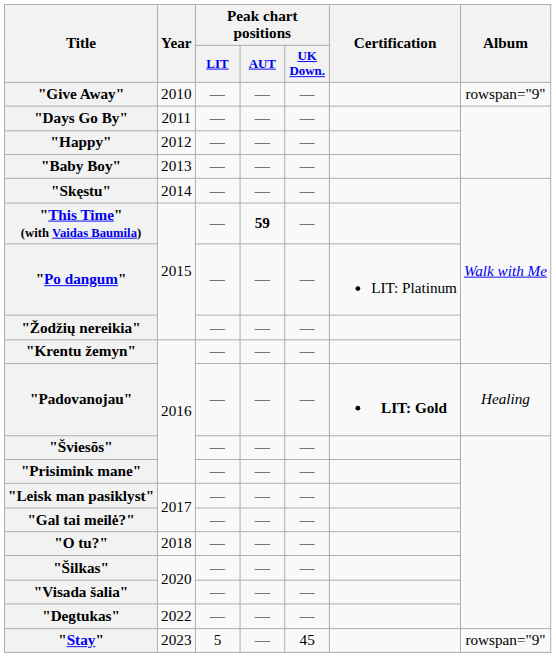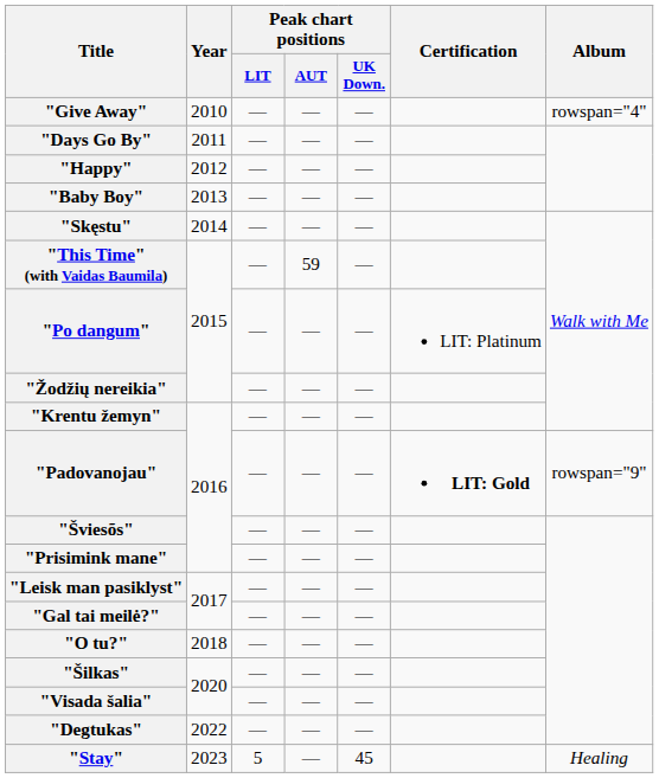 <table class="wikitable plainrowheaders" style="text-align:center;">
 <tr>
 <th scope="col" rowspan="2">Title</th>
 <th scope="col" rowspan="2">Year</th>
 <th scope="col" colspan="3">Peak chart positions</th>
 <th scope="col" rowspan="2">Certification</th>
 <th scope="col" rowspan="2">Album</th>
 </tr>
 <tr>
 <th scope="col" style="width:3em;font-size:85%;"><a href='#'>LIT</a><br></th>
 <th scope="col" style="width:3em;font-size:85%;"><a href='#'>AUT</a><br></th>
 <th scope="col" style="width:3em;font-size:85%;"><a href='#'>UK<br>Down.</a><br></th>
 </tr>
 <tr>
 <th scope="row">"Give Away"</th>
 <td>2010</td>
 <td>—</td>
 <td>—</td>
 <td>—</td>
 <td></td>
-<td>rowspan="9" </td>
+<td>rowspan="4" </td>
 </tr>
 <tr>
 <th scope="row">"Days Go By"</th>
 <td>2011</td>
 <td>—</td>
 <td>—</td>
 <td>—</td>
 <td></td>
 </tr>
 <tr>
 <th scope="row">"Happy"</th>
 <td>2012</td>
 <td>—</td>
 <td>—</td>
 <td>—</td>
 <td></td>
 </tr>
 <tr>
 <th scope="row">"Baby Boy"</th>
 <td>2013</td>
 <td>—</td>
 <td>—</td>
 <td>—</td>
 <td></td>
 </tr>
 <tr>
 <th scope="row">"Skęstu"</th>
 <td>2014</td>
 <td>—</td>
 <td>—</td>
 <td>—</td>
 <td></td>
 <td rowspan="5"><em><a href='#'>Walk with Me</a></em></td>
 </tr>
 <tr>
 <th scope="row">"<a href='#'>This Time</a>"<br><small>(with <a href='#'>Vaidas Baumila</a>)</small></th>
 <td rowspan="3">2015</td>
 <td>—</td>
-<td><strong>59</strong></td>
+<td>59</td>
 <td>—</td>
 <td></td>
 </tr>
 <tr>
 <th scope="row">"<a href='#'>Po dangum</a>"</th>
 <td>—</td>
 <td>—</td>
 <td>—</td>
 <td><br><ul><li>LIT: Platinum</li></ul></td>
 </tr>
 <tr>
 <th scope="row">"Žodžių nereikia"</th>
 <td>—</td>
 <td>—</td>
 <td>—</td>
 <td></td>
 </tr>
 <tr>
 <th scope="row">"Krentu žemyn"</th>
 <td rowspan="4">2016</td>
 <td>—</td>
 <td>—</td>
 <td>—</td>
 <td></td>
 </tr>
 <tr>
 <th scope="row">"Padovanojau"</th>
 <td>—</td>
 <td>—</td>
 <td>—</td>
 <td><strong><br><ul><li>LIT: Gold</li></ul></strong></td>
-<td><em>Healing</em></td>
+<td>rowspan="9" </td>
 </tr>
 <tr>
 <th scope="row">"Šviesõs"</th>
 <td>—</td>
 <td>—</td>
 <td>—</td>
 <td></td>
 </tr>
 <tr>
 <th scope="row">"Prisimink mane"</th>
 <td>—</td>
 <td>—</td>
 <td>—</td>
 <td></td>
 </tr>
 <tr>
 <th scope="row">"Leisk man pasiklyst"</th>
 <td rowspan="2">2017</td>
 <td>—</td>
 <td>—</td>
 <td>—</td>
 <td></td>
 </tr>
 <tr>
 <th scope="row">"Gal tai meilė?"</th>
 <td>—</td>
 <td>—</td>
 <td>—</td>
 <td></td>
 </tr>
 <tr>
 <th scope="row">"O tu?"</th>
 <td>2018</td>
 <td>—</td>
 <td>—</td>
 <td>—</td>
 <td></td>
 </tr>
 <tr>
 <th scope="row">"Šilkas"</th>
 <td rowspan="2">2020</td>
 <td>—</td>
 <td>—</td>
 <td>—</td>
 <td></td>
 </tr>
 <tr>
 <th scope="row">"Visada šalia"</th>
 <td>—</td>
 <td>—</td>
 <td>—</td>
 <td></td>
 </tr>
 <tr>
 <th scope="row">"Degtukas"</th>
 <td>2022</td>
 <td>—</td>
 <td>—</td>
 <td>—</td>
 <td></td>
 </tr>
 <tr>
 <th scope="row">"<a href='#'>Stay</a>"</th>
 <td>2023</td>
 <td>5</td>
 <td>—</td>
 <td>45</td>
 <td></td>
-<td>rowspan="9" </td>
+<td><em>Healing</em></td>
 </tr>
 </table>
